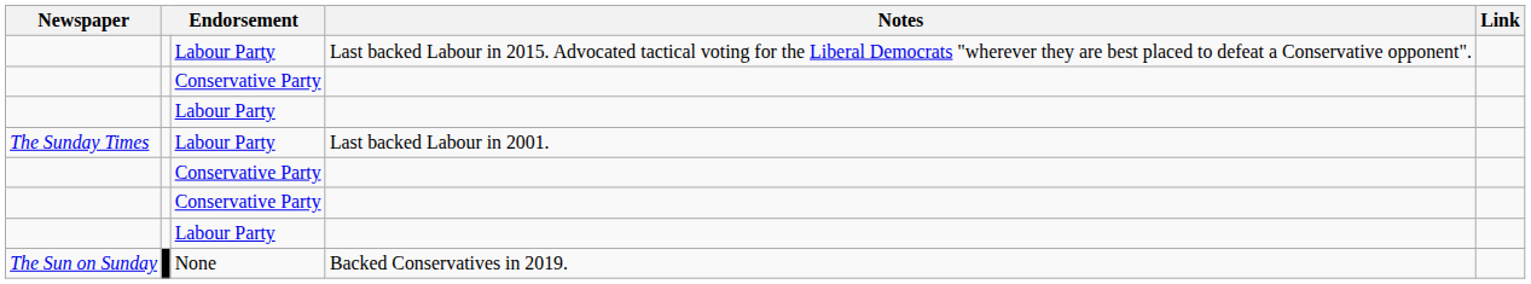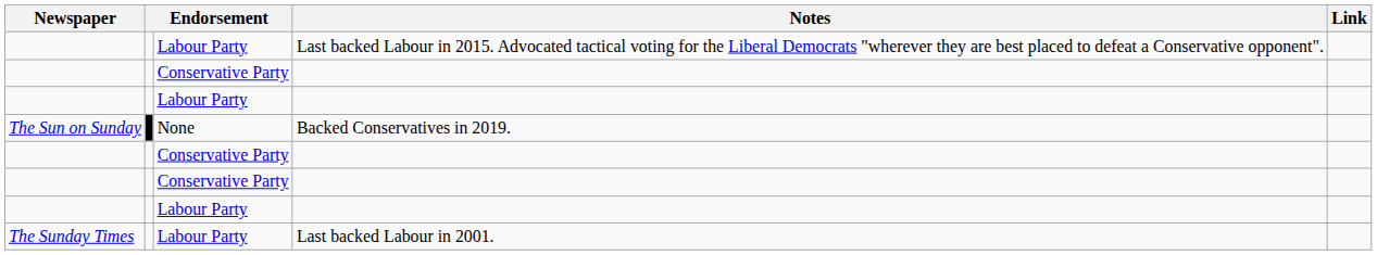 <table class="wikitable">
 <tr>
 <th>Newspaper</th>
 <th colspan="2">Endorsement</th>
 <th>Notes</th>
 <th>Link</th>
 </tr>
 <tr>
 <td></td>
 <td style="background-color: "></td>
 <td><a href='#'>Labour Party</a></td>
 <td>Last backed Labour in 2015. Advocated tactical voting for the <a href='#'>Liberal Democrats</a> "wherever they are best placed to defeat a Conservative opponent".</td>
 <td></td>
 </tr>
 <tr>
 <td></td>
 <td style="background-color: "></td>
 <td><a href='#'>Conservative Party</a></td>
 <td></td>
 <td></td>
 </tr>
 <tr>
 <td></td>
 <td style="background-color: "></td>
 <td><a href='#'>Labour Party</a></td>
 <td></td>
 <td></td>
 </tr>
 <tr>
-<td><em><a href='#'>The Sunday Times</a></em></td>
-<td style="background-color: "></td>
-<td><a href='#'>Labour Party</a></td>
-<td>Last backed Labour in 2001.</td>
+<td><em><a href='#'>The Sun on Sunday</a></em></td>
+<td style="background-color:black"></td>
+<td>None</td>
+<td>Backed Conservatives in 2019.</td>
 <td></td>
 </tr>
 <tr>
 <td></td>
 <td style="background-color: "></td>
 <td><a href='#'>Conservative Party</a></td>
 <td></td>
 <td></td>
 </tr>
 <tr>
 <td></td>
 <td style="background-color: "></td>
 <td><a href='#'>Conservative Party</a></td>
 <td></td>
 <td></td>
 </tr>
 <tr>
 <td></td>
 <td style="background-color: "></td>
 <td><a href='#'>Labour Party</a></td>
 <td></td>
 <td></td>
 </tr>
 <tr>
-<td><em><a href='#'>The Sun on Sunday</a></em></td>
-<td style="background-color:black"></td>
-<td>None</td>
-<td>Backed Conservatives in 2019.</td>
+<td><em><a href='#'>The Sunday Times</a></em></td>
+<td style="background-color: "></td>
+<td><a href='#'>Labour Party</a></td>
+<td>Last backed Labour in 2001.</td>
 <td></td>
 </tr>
 </table>
